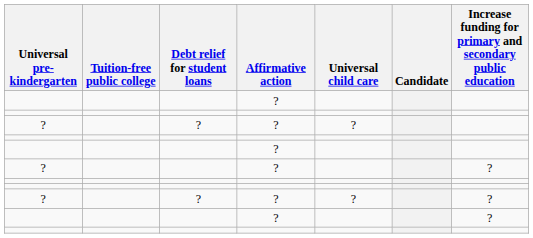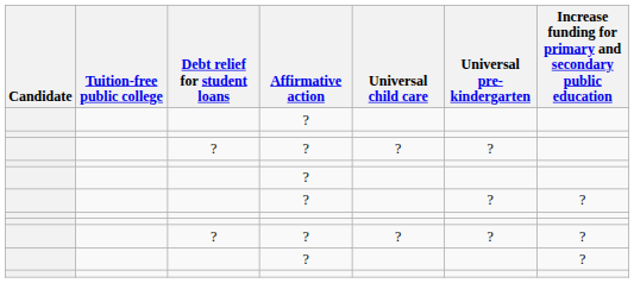 <table class="wikitable sortable" style=margin:auto;table-layout:fixed;text-align:center>
 <tr valign=bottom>
-<th style=max-width:6em>Universal <a href='#'>pre-kindergarten</a></th>
+<th>Candidate</th>
 <th style=max-width:6em><a href='#'>Tuition-free</a> <a href='#'>public college</a></th>
 <th style=max-width:6em><a href='#'>Debt relief</a> for <a href='#'>student loans</a></th>
 <th style=max-width:6em><a href='#'>Affirmative action</a></th>
 <th style=max-width:6em>Universal <a href='#'>child care</a></th>
-<th>Candidate</th>
+<th style=max-width:6em>Universal <a href='#'>pre-kindergarten</a></th>
 <th style=max-width:6em>Increase funding for <a href='#'>primary</a> and <a href='#'>secondary</a> <a href='#'>public education</a></th>
 </tr>
 <tr>
-<td></td>
+<th></th>
 <td></td>
 <td></td>
 <td>?</td>
 <td></td>
-<th></th>
+<td></td>
 <td></td>
 </tr>
 <tr>
+<th></th>
 <td></td>
 <td></td>
 <td></td>
 <td></td>
 <td></td>
-<th></th>
 <td></td>
 </tr>
 <tr>
-<td>?</td>
+<th></th>
 <td></td>
 <td>?</td>
 <td>?</td>
 <td>?</td>
-<th></th>
+<td>?</td>
 <td></td>
 </tr>
 <tr>
+<th></th>
 <td></td>
 <td></td>
 <td></td>
 <td></td>
 <td></td>
-<th></th>
 <td></td>
 </tr>
 <tr>
-<td></td>
+<th></th>
 <td></td>
 <td></td>
 <td>?</td>
 <td></td>
-<th></th>
+<td></td>
 <td></td>
 </tr>
 <tr>
-<td>?</td>
+<th></th>
 <td></td>
 <td></td>
 <td>?</td>
 <td></td>
-<th></th>
+<td>?</td>
 <td>?</td>
 </tr>
 <tr>
+<th></th>
 <td></td>
 <td></td>
 <td></td>
 <td></td>
 <td></td>
-<th></th>
 <td></td>
 </tr>
 <tr>
+<th></th>
 <td></td>
 <td></td>
 <td></td>
 <td></td>
 <td></td>
-<th></th>
 <td></td>
 </tr>
 <tr>
-<td>?</td>
+<th></th>
 <td></td>
 <td>?</td>
 <td>?</td>
 <td>?</td>
-<th></th>
+<td>?</td>
 <td>?</td>
 </tr>
 <tr>
-<td></td>
+<th></th>
 <td></td>
 <td></td>
 <td>?</td>
 <td></td>
-<th></th>
+<td></td>
 <td>?</td>
 </tr>
 <tr>
+<th></th>
 <td></td>
 <td></td>
 <td></td>
 <td></td>
 <td></td>
-<th></th>
 <td></td>
 </tr>
 </table>
